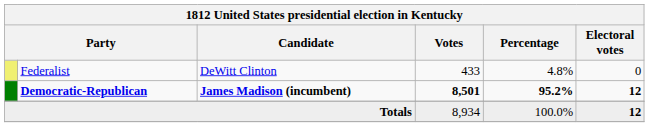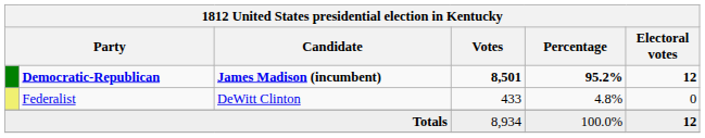 <table class="wikitable" style="font-size: 95%;">
 <tr>
 <th colspan="6">1812 United States presidential election in Kentucky</th>
 </tr>
 <tr>
 <th colspan="2" style="width: 15em">Party</th>
 <th style="width: 17em">Candidate</th>
 <th style="width: 5em">Votes</th>
 <th style="width: 7em">Percentage</th>
 <th style="width: 5em">Electoral votes</th>
 </tr>
 <tr>
+<th style="background-color:#008000; width: 3px"></th>
+<td style="width: 130px"><strong><a href='#'>Democratic-Republican</a></strong></td>
+<td><strong><a href='#'>James Madison</a> (incumbent)</strong></td>
+<td align="right"><strong>8,501</strong></td>
+<td align="right"><strong>95.2%</strong></td>
+<td align="right"><strong>12</strong></td>
+</tr>
+<tr>
 <th style="background-color:#F0F071; width: 3px"></th>
 <td style="width: 130px"><a href='#'>Federalist</a></td>
 <td><a href='#'>DeWitt Clinton</a></td>
 <td align="right">433</td>
 <td align="right">4.8%</td>
 <td align="right">0</td>
-</tr>
-<tr>
-<th style="background-color:#008000; width: 3px"></th>
-<td style="width: 130px"><strong><a href='#'>Democratic-Republican</a></strong></td>
-<td><strong><a href='#'>James Madison</a> (incumbent)</strong></td>
-<td align="right"><strong>8,501</strong></td>
-<td align="right"><strong>95.2%</strong></td>
-<td align="right"><strong>12</strong></td>
 </tr>
 <tr>
 </tr>
 <tr bgcolor="#EEEEEE">
 <td colspan="3" align="right"><strong>Totals</strong></td>
 <td align="right">8,934</td>
 <td align="right">100.0%</td>
 <td align="right"><strong>12</strong></td>
 </tr>
 <tr>
 </tr>
 </table>
